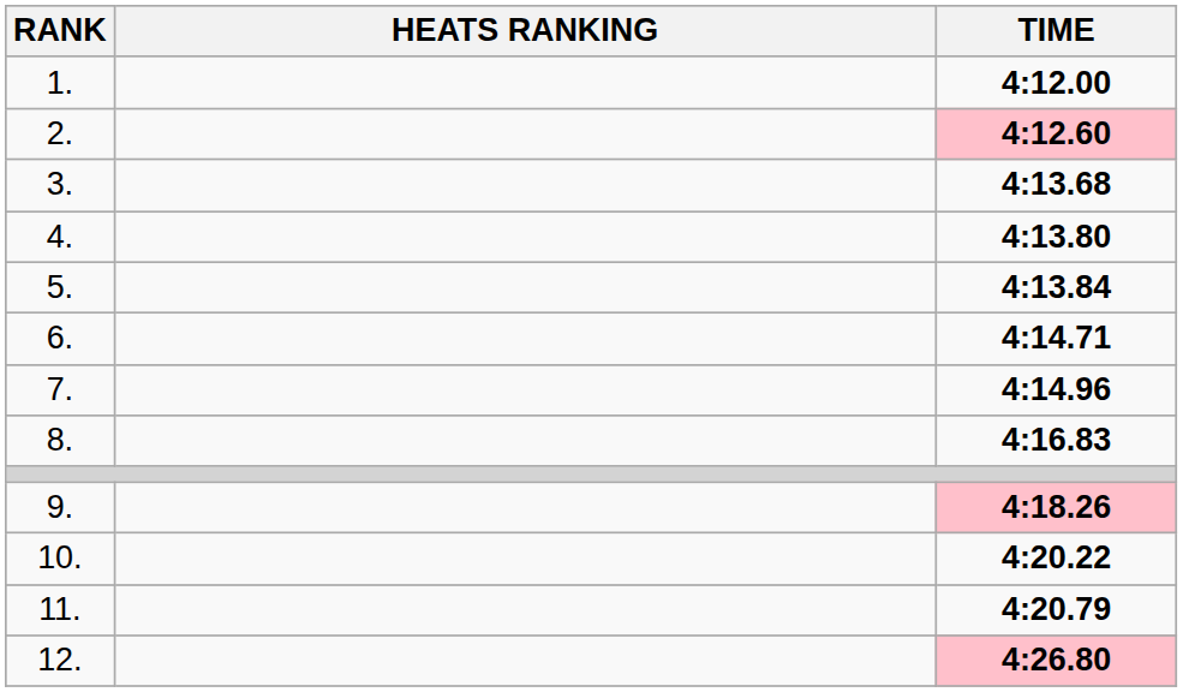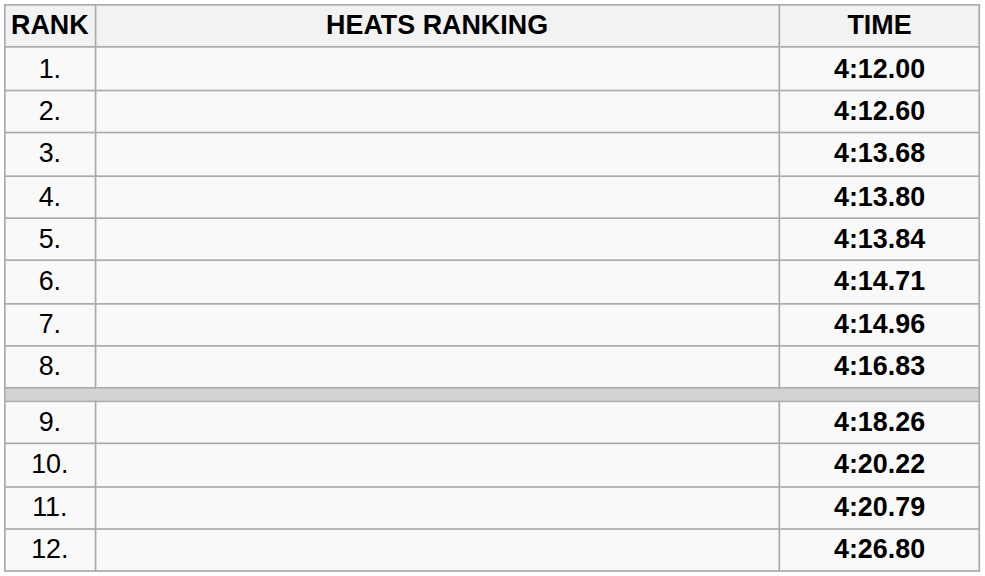 <table class="wikitable">
 <tr>
 <th>RANK</th>
 <th style="width: 25em">HEATS RANKING</th>
 <th style="width: 7em">TIME</th>
 </tr>
 <tr>
 <td align="center">1.</td>
 <td><strong></strong></td>
 <td align="center"><strong>4:12.00</strong></td>
 </tr>
 <tr>
 <td align="center">2.</td>
 <td><strong></strong></td>
-<td align="center" style="background: pink;"><strong>4:12.60</strong></td>
+<td align="center"><strong>4:12.60</strong></td>
 </tr>
 <tr>
 <td align="center">3.</td>
 <td><strong></strong></td>
 <td align="center"><strong>4:13.68</strong></td>
 </tr>
 <tr>
 <td align="center">4.</td>
 <td><strong></strong></td>
 <td align="center"><strong>4:13.80</strong></td>
 </tr>
 <tr>
 <td align="center">5.</td>
 <td><strong></strong></td>
 <td align="center"><strong>4:13.84</strong></td>
 </tr>
 <tr>
 <td align="center">6.</td>
 <td><strong></strong></td>
 <td align="center"><strong>4:14.71</strong></td>
 </tr>
 <tr>
 <td align="center">7.</td>
 <td><strong></strong></td>
 <td align="center"><strong>4:14.96</strong></td>
 </tr>
 <tr>
 <td align="center">8.</td>
 <td><strong></strong></td>
 <td align="center"><strong>4:16.83</strong></td>
 </tr>
 <tr>
 <td colspan=3 bgcolor=lightgray></td>
 </tr>
 <tr>
 <td align="center">9.</td>
 <td><strong></strong></td>
-<td align="center" style="background: pink;"><strong>4:18.26</strong></td>
+<td align="center"><strong>4:18.26</strong></td>
 </tr>
 <tr>
 <td align="center">10.</td>
 <td><strong></strong></td>
 <td align="center"><strong>4:20.22</strong></td>
 </tr>
 <tr>
 <td align="center">11.</td>
 <td><strong></strong></td>
 <td align="center"><strong>4:20.79</strong></td>
 </tr>
 <tr>
 <td align="center">12.</td>
 <td><strong></strong></td>
-<td align="center" style="background: pink;"><strong>4:26.80</strong></td>
+<td align="center"><strong>4:26.80</strong></td>
 </tr>
 </table>
